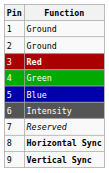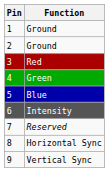 <table class="wikitable">
 <tr>
 <th><strong><small>Pin</small></strong></th>
 <th><strong><small>Function</small></strong></th>
 </tr>
 <tr>
 <td><small>1</small></td>
 <td><small>Ground</small></td>
 </tr>
 <tr>
 <td><small>2</small></td>
 <td><small>Ground</small></td>
 </tr>
 <tr style="color: white; background: #a00;">
 <td><small>3</small></td>
-<td><strong><small>Red</small></strong></td>
+<td><small>Red</small></td>
 </tr>
 <tr style="color: white; background: #0a0;">
 <td><small>4</small></td>
 <td><small>Green</small></td>
 </tr>
 <tr style="color: white; background: #00a;">
 <td><small>5</small></td>
 <td><small>Blue</small></td>
 </tr>
 <tr style="color: white; background: #555;">
 <td><small>6</small></td>
 <td><small>Intensity</small></td>
 </tr>
 <tr>
 <td><small>7</small></td>
 <td><em><small>Reserved</small></em></td>
 </tr>
 <tr>
 <td><small>8</small></td>
-<td><strong><small>Horizontal Sync</small></strong></td>
+<td><small>Horizontal Sync</small></td>
 </tr>
 <tr>
 <td><small>9</small></td>
-<td><strong><small>Vertical Sync</small></strong></td>
+<td><small>Vertical Sync</small></td>
 </tr>
 </table>
